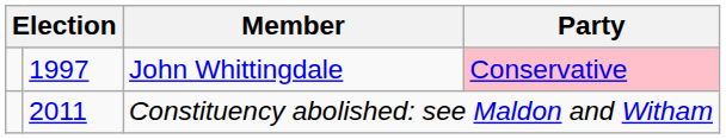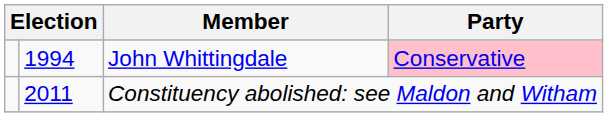 <table class="wikitable">
 <tr>
 <th colspan="2">Election</th>
 <th>Member </th>
 <th>Party</th>
 </tr>
 <tr>
 <td style="color:inherit;background-color: "></td>
-<td><a href='#'>1997</a></td>
+<td><a href='#'>1994</a></td>
 <td><a href='#'>John Whittingdale</a></td>
 <td style="background: pink;"><a href='#'>Conservative</a></td>
 </tr>
 <tr>
 <td></td>
 <td><a href='#'>2011</a></td>
 <td colspan="2"><em>Constituency abolished: see <a href='#'>Maldon</a> and <a href='#'>Witham</a></em></td>
 </tr>
 </table>
